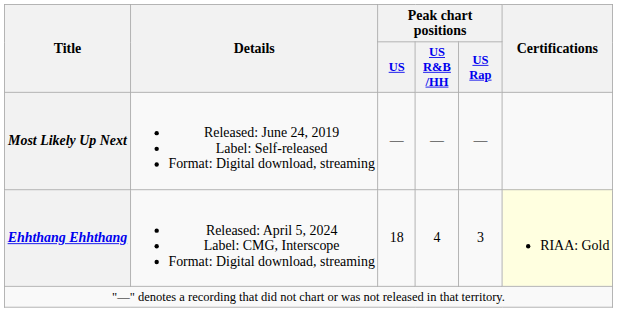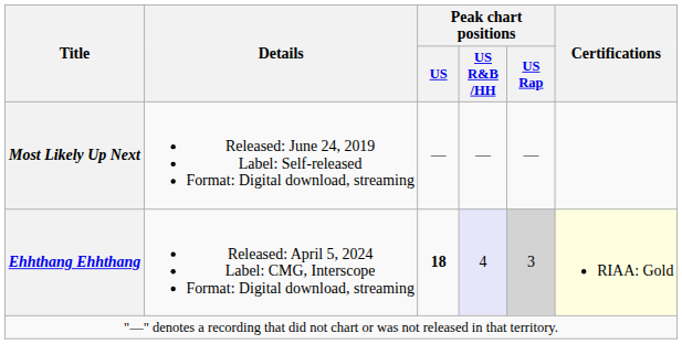 <table class="wikitable plainrowheaders" style="text-align:center;">
 <tr>
 <th scope="col" rowspan="2">Title</th>
 <th scope="col" rowspan="2">Details</th>
 <th scope="col" colspan="3">Peak chart positions</th>
 <th rowspan="2">Certifications</th>
 </tr>
 <tr>
 <th scope="col" style="width:2.5em;font-size:90%;"><a href='#'>US</a><br></th>
 <th scope="col" style="width:3em;font-size:90%;"><a href='#'>US<br>R&B<br>/HH</a><br></th>
 <th scope="col" style="width:3em;font-size:90%;"><a href='#'>US<br>Rap</a><br></th>
 </tr>
 <tr>
 <th scope="row"><em>Most Likely Up Next</em></th>
 <td><br><ul><li>Released: June 24, 2019</li><li>Label: Self-released</li><li>Format: Digital download, streaming</li></ul></td>
 <td>—</td>
 <td>—</td>
 <td>—</td>
 <td></td>
 </tr>
 <tr>
 <th scope="row"><em><a href='#'>Ehhthang Ehhthang</a></em></th>
 <td><br><ul><li>Released: April 5, 2024</li><li>Label: CMG, Interscope</li><li>Format: Digital download, streaming</li></ul></td>
-<td>18</td>
-<td>4</td>
-<td>3</td>
+<td><strong>18</strong></td>
+<td style="background: lavender;">4</td>
+<td style="background: lightgrey;">3</td>
 <td style="background: lightyellow;"><br><ul><li>RIAA: Gold</li></ul></td>
 </tr>
 <tr>
 <td colspan="8" style="font-size:90%">"—" denotes a recording that did not chart or was not released in that territory.</td>
 </tr>
 </table>
